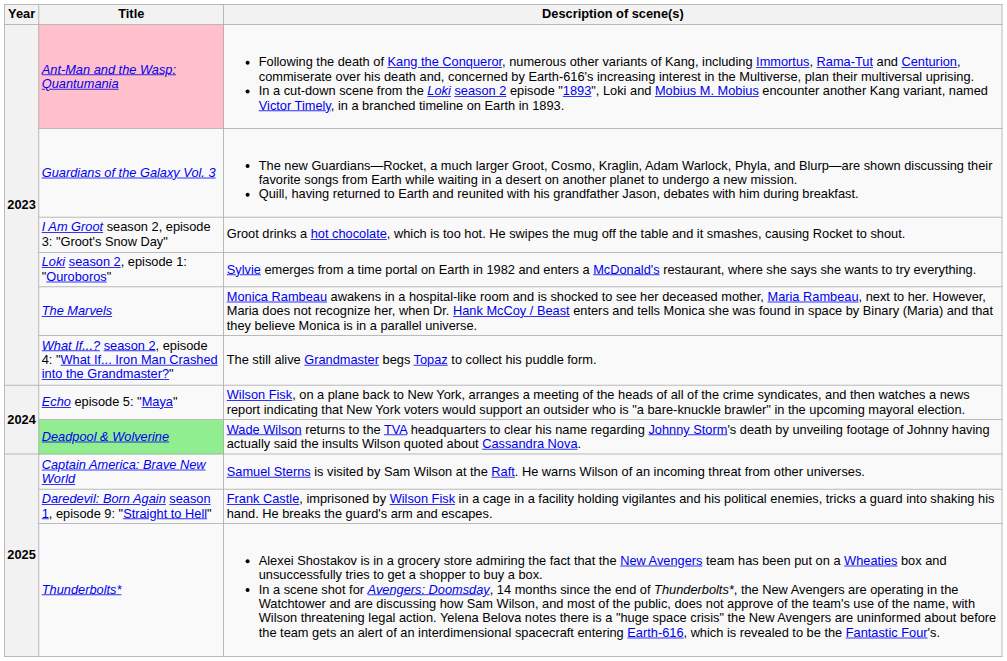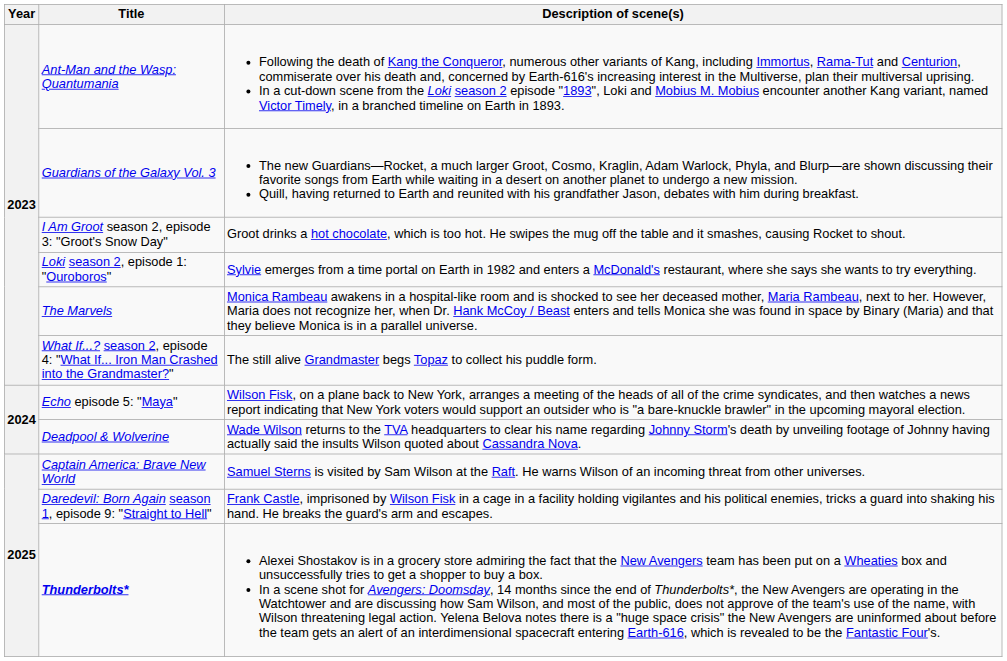 <table class="wikitable">
 <tr>
 <th scope="col">Year</th>
 <th scope="col">Title</th>
 <th scope="col">Description of scene(s)</th>
 </tr>
 <tr>
 <th scope="row" rowspan="6">2023</th>
-<td style="background: pink;"><em><a href='#'>Ant-Man and the Wasp: Quantumania</a></em></td>
+<td><em><a href='#'>Ant-Man and the Wasp: Quantumania</a></em></td>
 <td><br><ul><li>Following the death of <a href='#'>Kang the Conqueror</a>, numerous other variants of Kang, including <a href='#'>Immortus</a>, <a href='#'>Rama-Tut</a> and <a href='#'>Centurion</a>, commiserate over his death and, concerned by Earth-616's increasing interest in the Multiverse, plan their multiversal uprising.</li><li>In a cut-down scene from the <em><a href='#'>Loki</a></em> <a href='#'>season 2</a> episode "<a href='#'>1893</a>", Loki and <a href='#'>Mobius M. Mobius</a> encounter another Kang variant, named <a href='#'>Victor Timely</a>, in a branched timeline on Earth in 1893.</li></ul></td>
 </tr>
 <tr>
 <td><em><a href='#'>Guardians of the Galaxy Vol. 3</a></em></td>
 <td><br><ul><li>The new Guardians—Rocket, a much larger Groot, Cosmo, Kraglin, Adam Warlock, Phyla, and Blurp—are shown discussing their favorite songs from Earth while waiting in a desert on another planet to undergo a new mission.</li><li>Quill, having returned to Earth and reunited with his grandfather Jason, debates with him during breakfast.</li></ul></td>
 </tr>
 <tr>
 <td><em><a href='#'>I Am Groot</a></em> season 2, episode 3: "Groot's Snow Day"</td>
 <td>Groot drinks a <a href='#'>hot chocolate</a>, which is too hot. He swipes the mug off the table and it smashes, causing Rocket to shout.</td>
 </tr>
 <tr>
 <td><em><a href='#'>Loki</a></em> <a href='#'>season 2</a>, episode 1: "<a href='#'>Ouroboros</a>"</td>
 <td><a href='#'>Sylvie</a> emerges from a time portal on Earth in 1982 and enters a <a href='#'>McDonald's</a> restaurant, where she says she wants to try everything.</td>
 </tr>
 <tr>
 <td><em><a href='#'>The Marvels</a></em></td>
 <td><a href='#'>Monica Rambeau</a> awakens in a hospital-like room and is shocked to see her deceased mother, <a href='#'>Maria Rambeau</a>, next to her. However, Maria does not recognize her, when Dr. <a href='#'>Hank McCoy / Beast</a> enters and tells Monica she was found in space by Binary (Maria) and that they believe Monica is in a parallel universe.</td>
 </tr>
 <tr>
 <td><em><a href='#'>What If...?</a></em> <a href='#'>season 2</a>, episode 4: "<a href='#'>What If... Iron Man Crashed into the Grandmaster?</a>"</td>
 <td>The still alive <a href='#'>Grandmaster</a> begs <a href='#'>Topaz</a> to collect his puddle form.</td>
 </tr>
 <tr>
 <th scope="row" rowspan="2">2024</th>
 <td><em><a href='#'>Echo</a></em> episode 5: "<a href='#'>Maya</a>"</td>
 <td><a href='#'>Wilson Fisk</a>, on a plane back to New York, arranges a meeting of the heads of all of the crime syndicates, and then watches a news report indicating that New York voters would support an outsider who is "a bare-knuckle brawler" in the upcoming mayoral election.</td>
 </tr>
 <tr>
-<td style="background: lightgreen;"><em><a href='#'>Deadpool & Wolverine</a></em></td>
+<td><em><a href='#'>Deadpool & Wolverine</a></em></td>
 <td><a href='#'>Wade Wilson</a> returns to the <a href='#'>TVA</a> headquarters to clear his name regarding <a href='#'>Johnny Storm</a>'s death by unveiling footage of Johnny having actually said the insults Wilson quoted about <a href='#'>Cassandra Nova</a>.</td>
 </tr>
 <tr>
 <th scope="row" rowspan="3">2025</th>
 <td><em><a href='#'>Captain America: Brave New World</a></em></td>
 <td><a href='#'>Samuel Sterns</a> is visited by Sam Wilson at the <a href='#'>Raft</a>. He warns Wilson of an incoming threat from other universes.</td>
 </tr>
 <tr>
 <td><em><a href='#'>Daredevil: Born Again</a></em> <a href='#'>season 1</a>, episode 9: "<a href='#'>Straight to Hell</a>"</td>
 <td><a href='#'>Frank Castle</a>, imprisoned by <a href='#'>Wilson Fisk</a> in a cage in a facility holding vigilantes and his political enemies, tricks a guard into shaking his hand. He breaks the guard's arm and escapes.</td>
 </tr>
 <tr>
-<td><em><a href='#'>Thunderbolts*</a></em></td>
+<td><strong><em><a href='#'>Thunderbolts*</a></em></strong></td>
 <td><br><ul><li>Alexei Shostakov is in a grocery store admiring the fact that the <a href='#'>New Avengers</a> team has been put on a <a href='#'>Wheaties</a> box and unsuccessfully tries to get a shopper to buy a box.</li><li>In a scene shot for <em><a href='#'>Avengers: Doomsday</a></em>, 14 months since the end of <em>Thunderbolts*</em>, the New Avengers are operating in the Watchtower and are discussing how Sam Wilson, and most of the public, does not approve of the team's use of the name, with Wilson threatening legal action. Yelena Belova notes there is a "huge space crisis" the New Avengers are uninformed about before the team gets an alert of an interdimensional spacecraft entering <a href='#'>Earth-616</a>, which is revealed to be the <a href='#'>Fantastic Four</a>'s.</li></ul></td>
 </tr>
 </table>
